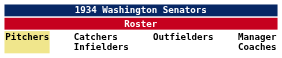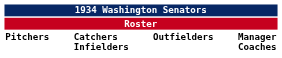 <table class="toccolours" style="font-size: 95%;">
 <tr>
 <th colspan="10" style="background-color: #072764; color: white; text-align: center;">1934 Washington Senators</th>
 </tr>
 <tr>
 <td colspan="10" style="background-color: #c6011f; color: white; text-align: center;"><strong>Roster</strong></td>
 </tr>
 <tr>
-<td valign="top" style="background: khaki;"><strong>Pitchers</strong><br>                </td>
+<td valign="top"><strong>Pitchers</strong><br>                </td>
 <td width="25px"></td>
 <td valign="top"><strong>Catchers</strong><br>     <strong>Infielders</strong>         </td>
 <td width="25px"></td>
 <td valign="top"><strong>Outfielders</strong><br>       </td>
 <td width="25px"></td>
 <td valign="top"><strong>Manager</strong><br> <strong>Coaches</strong>   </td>
 </tr>
 <tr>
 </tr>
 </table>
